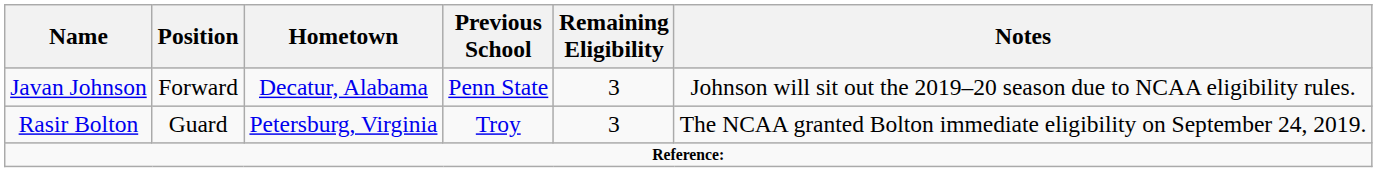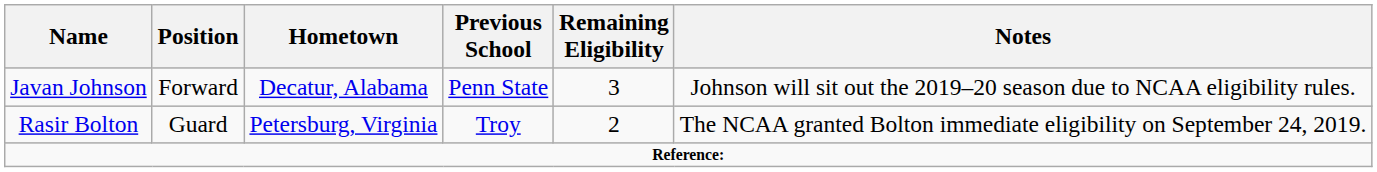 <table class="wikitable" style="text-align: center">
 <tr align=center>
 <th>Name</th>
 <th>Position</th>
 <th>Hometown</th>
 <th>Previous<br>School</th>
 <th>Remaining<br>Eligibility</th>
 <th>Notes</th>
 </tr>
 <tr>
 <td><a href='#'>Javan Johnson</a></td>
 <td>Forward</td>
 <td><a href='#'>Decatur, Alabama</a></td>
 <td><a href='#'>Penn State</a></td>
 <td>3</td>
 <td>Johnson will sit out the 2019–20 season due to NCAA eligibility rules.</td>
 </tr>
 <tr>
 <td><a href='#'>Rasir Bolton</a></td>
 <td>Guard</td>
 <td><a href='#'>Petersburg, Virginia</a></td>
 <td><a href='#'>Troy</a></td>
-<td>3</td>
+<td>2</td>
 <td>The NCAA granted Bolton immediate eligibility on September 24, 2019.</td>
 </tr>
 <tr>
 <td colspan="6"  style="font-size:8pt; text-align:center;"><strong>Reference:</strong></td>
 </tr>
 </table>
